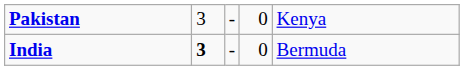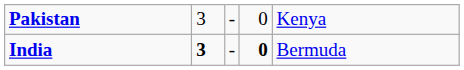 <table class="wikitable">
 <tr>
 <td width=150> <strong><a href='#'>Pakistan</a></strong></td>
 <td style="width:20px; text-align:left;">3</td>
 <td>-</td>
 <td style="width:20px; text-align:right;">0</td>
 <td width=150> <a href='#'>Kenya</a></td>
 </tr>
 <tr>
 <td> <strong><a href='#'>India</a></strong></td>
 <td style="text-align:left;"><strong>3</strong></td>
 <td>-</td>
-<td style="text-align:right;">0</td>
+<td style="text-align:right;"><strong>0</strong></td>
 <td> <a href='#'>Bermuda</a></td>
 </tr>
 </table>
